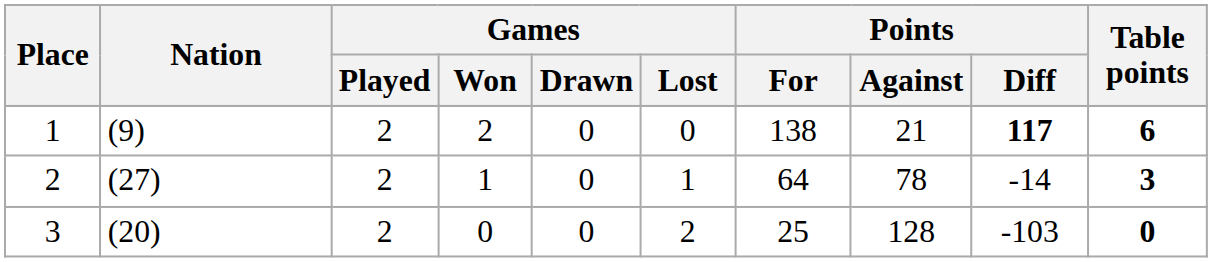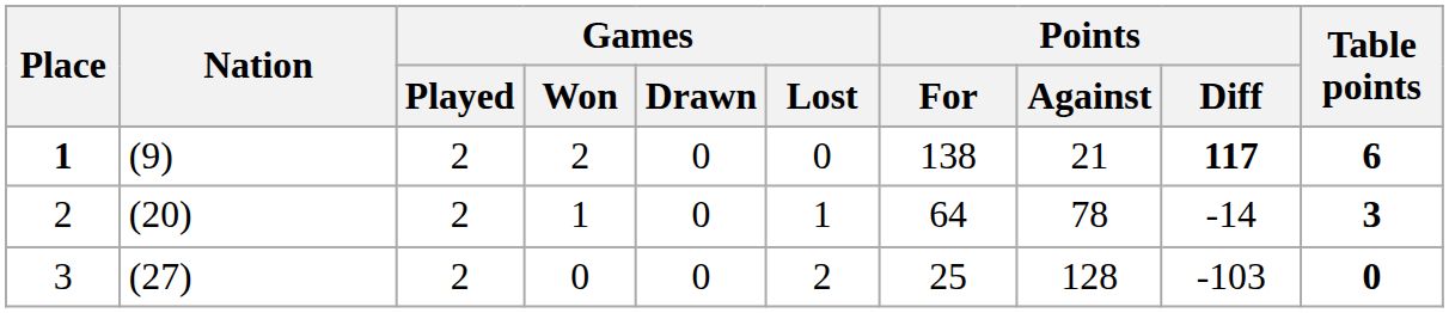 <table class="wikitable">
 <tr>
 <th rowspan=2 width="8%">Place</th>
 <th rowspan=2 width="20%">Nation</th>
 <th colspan=4 width="32%">Games</th>
 <th colspan=3 width="30%">Points</th>
 <th rowspan=2 width="10%">Table<br>points</th>
 </tr>
 <tr>
 <th width="8%">Played</th>
 <th width="8%">Won</th>
 <th width="8%">Drawn</th>
 <th width="8%">Lost</th>
 <th width="10%">For</th>
 <th width="10%">Against</th>
 <th width="10%">Diff</th>
 </tr>
 <tr>
 </tr>
 <tr bgcolor=#ffffff align=center>
-<td>1</td>
+<td><strong>1</strong></td>
 <td align=left> (9)</td>
 <td>2</td>
 <td>2</td>
 <td>0</td>
 <td>0</td>
 <td>138</td>
 <td>21</td>
 <td><strong>117</strong></td>
 <td><strong>6</strong></td>
 </tr>
 <tr bgcolor=#ffffff align=center>
 <td>2</td>
-<td align=left> (27)</td>
+<td align=left> (20)</td>
 <td>2</td>
 <td>1</td>
 <td>0</td>
 <td>1</td>
 <td>64</td>
 <td>78</td>
 <td>-14</td>
 <td><strong>3</strong></td>
 </tr>
 <tr bgcolor=#ffffff align=center>
 <td>3</td>
-<td align=left> (20)</td>
+<td align=left> (27)</td>
 <td>2</td>
 <td>0</td>
 <td>0</td>
 <td>2</td>
 <td>25</td>
 <td>128</td>
 <td>-103</td>
 <td><strong>0</strong></td>
 </tr>
 </table>
